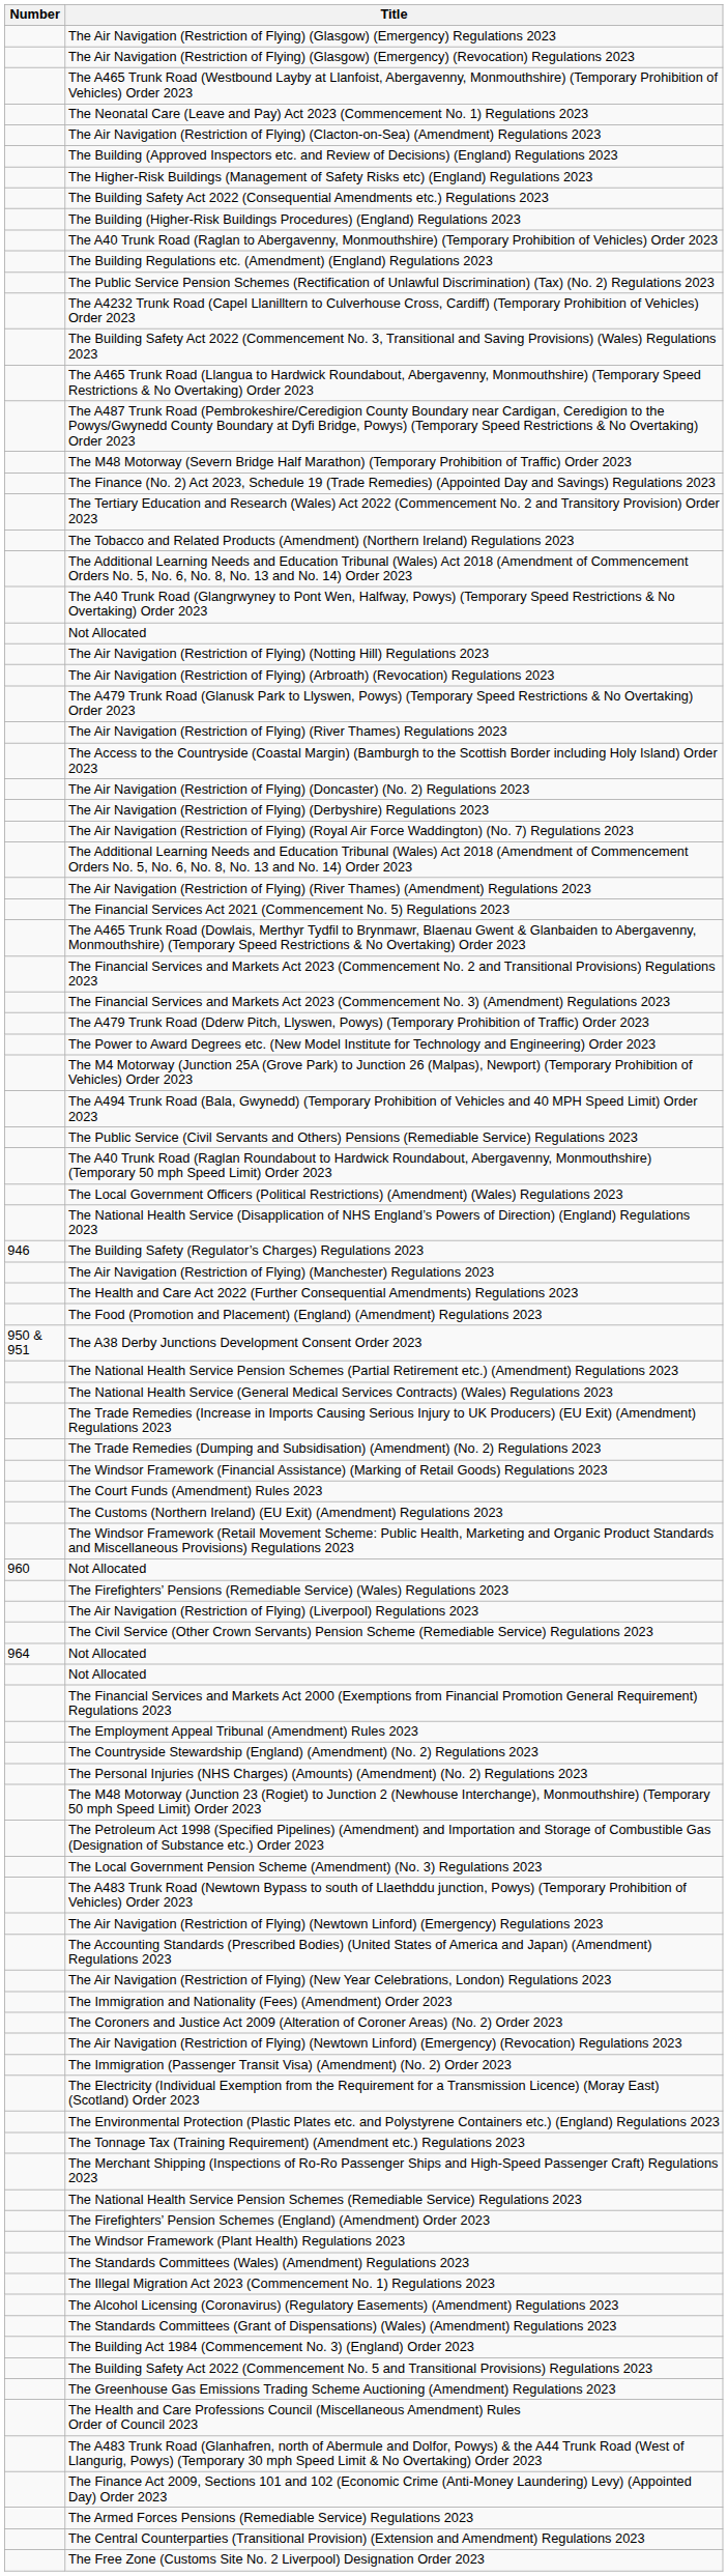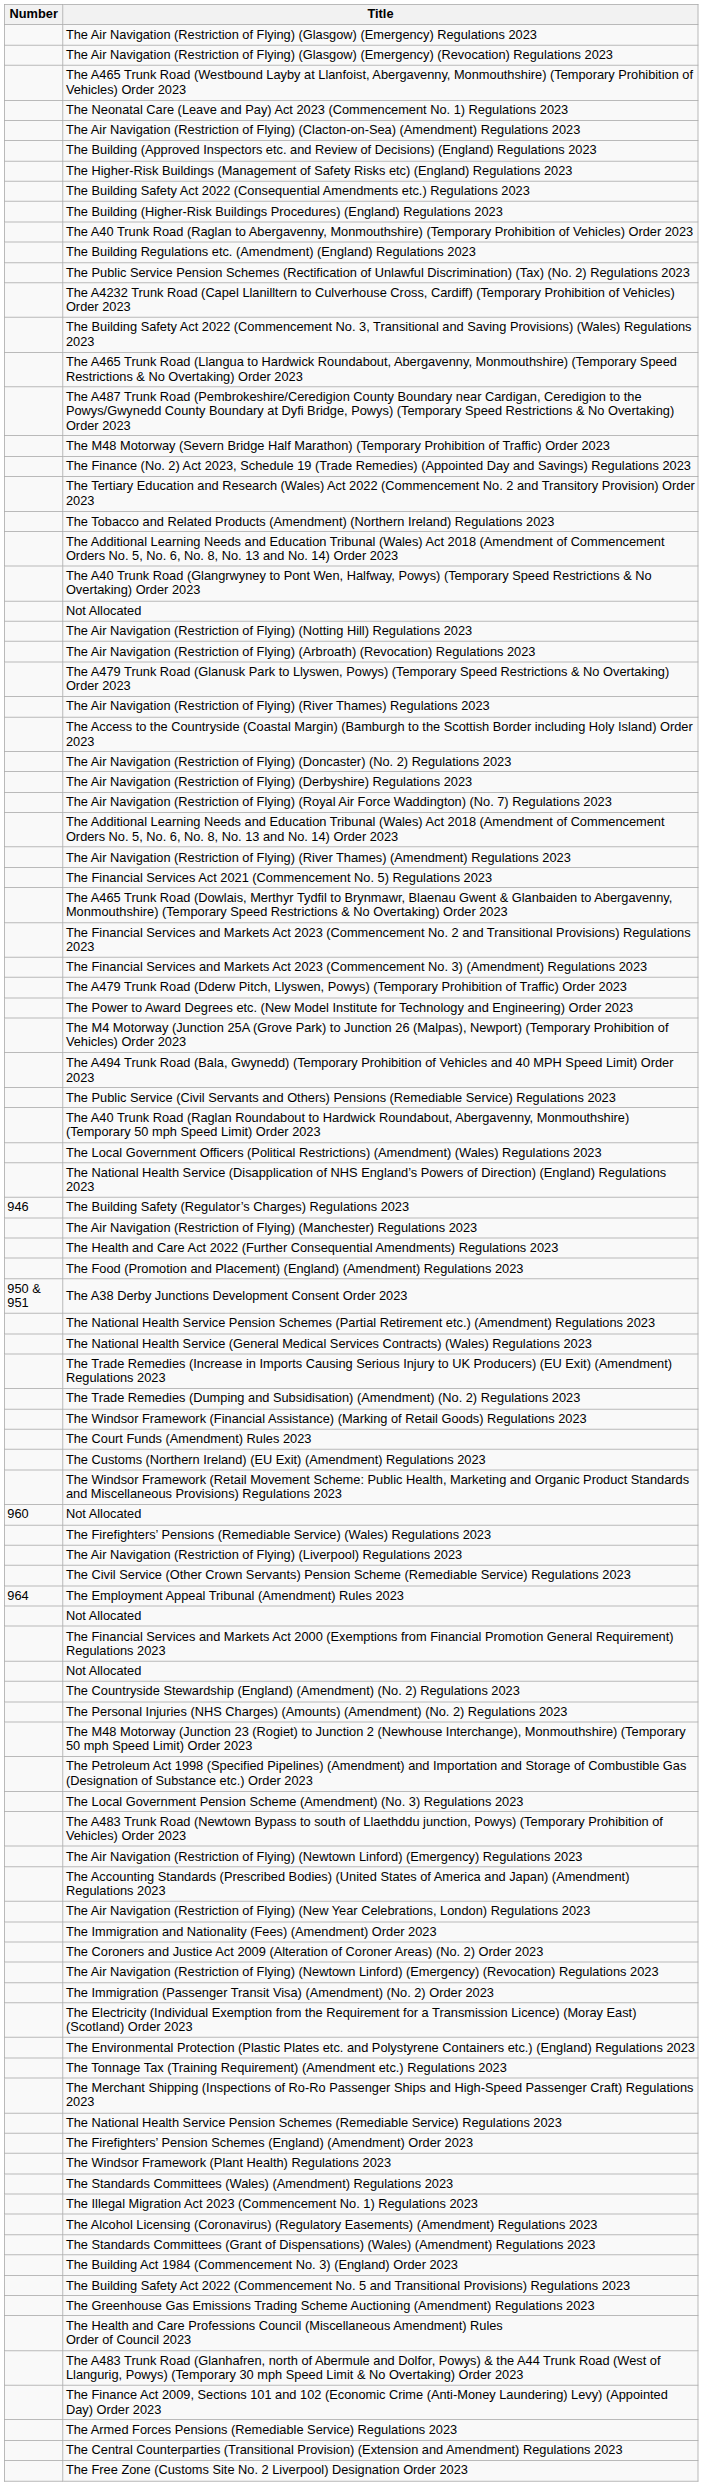 <table class="wikitable collapsible">
 <tr>
 <th>Number</th>
 <th>Title</th>
 </tr>
 <tr>
 <td></td>
 <td>The Air Navigation (Restriction of Flying) (Glasgow) (Emergency) Regulations 2023</td>
 </tr>
 <tr>
 <td></td>
 <td>The Air Navigation (Restriction of Flying) (Glasgow) (Emergency) (Revocation) Regulations 2023</td>
 </tr>
 <tr>
 <td></td>
 <td>The A465 Trunk Road (Westbound Layby at Llanfoist, Abergavenny, Monmouthshire) (Temporary Prohibition of Vehicles) Order 2023</td>
 </tr>
 <tr>
 <td></td>
 <td>The Neonatal Care (Leave and Pay) Act 2023 (Commencement No. 1) Regulations 2023</td>
 </tr>
 <tr>
 <td></td>
 <td>The Air Navigation (Restriction of Flying) (Clacton-on-Sea) (Amendment) Regulations 2023</td>
 </tr>
 <tr>
 <td></td>
 <td>The Building (Approved Inspectors etc. and Review of Decisions) (England) Regulations 2023</td>
 </tr>
 <tr>
 <td></td>
 <td>The Higher-Risk Buildings (Management of Safety Risks etc) (England) Regulations 2023</td>
 </tr>
 <tr>
 <td></td>
 <td>The Building Safety Act 2022 (Consequential Amendments etc.) Regulations 2023</td>
 </tr>
 <tr>
 <td></td>
 <td>The Building (Higher-Risk Buildings Procedures) (England) Regulations 2023</td>
 </tr>
 <tr>
 <td></td>
 <td>The A40 Trunk Road (Raglan to Abergavenny, Monmouthshire) (Temporary Prohibition of Vehicles) Order 2023</td>
 </tr>
 <tr>
 <td></td>
 <td>The Building Regulations etc. (Amendment) (England) Regulations 2023</td>
 </tr>
 <tr>
 <td></td>
 <td>The Public Service Pension Schemes (Rectification of Unlawful Discrimination) (Tax) (No. 2) Regulations 2023</td>
 </tr>
 <tr>
 <td></td>
 <td>The A4232 Trunk Road (Capel Llanilltern to Culverhouse Cross, Cardiff) (Temporary Prohibition of Vehicles) Order 2023</td>
 </tr>
 <tr>
 <td></td>
 <td>The Building Safety Act 2022 (Commencement No. 3, Transitional and Saving Provisions) (Wales) Regulations 2023</td>
 </tr>
 <tr>
 <td></td>
 <td>The A465 Trunk Road (Llangua to Hardwick Roundabout, Abergavenny, Monmouthshire) (Temporary Speed Restrictions & No Overtaking) Order 2023</td>
 </tr>
 <tr>
 <td></td>
 <td>The A487 Trunk Road (Pembrokeshire/Ceredigion County Boundary near Cardigan, Ceredigion to the Powys/Gwynedd County Boundary at Dyfi Bridge, Powys) (Temporary Speed Restrictions & No Overtaking) Order 2023</td>
 </tr>
 <tr>
 <td></td>
 <td>The M48 Motorway (Severn Bridge Half Marathon) (Temporary Prohibition of Traffic) Order 2023</td>
 </tr>
 <tr>
 <td></td>
 <td>The Finance (No. 2) Act 2023, Schedule 19 (Trade Remedies) (Appointed Day and Savings) Regulations 2023</td>
 </tr>
 <tr>
 <td></td>
 <td>The Tertiary Education and Research (Wales) Act 2022 (Commencement No. 2 and Transitory Provision) Order 2023</td>
 </tr>
 <tr>
 <td></td>
 <td>The Tobacco and Related Products (Amendment) (Northern Ireland) Regulations 2023</td>
 </tr>
 <tr>
 <td></td>
 <td>The Additional Learning Needs and Education Tribunal (Wales) Act 2018 (Amendment of Commencement Orders No. 5, No. 6, No. 8, No. 13 and No. 14) Order 2023</td>
 </tr>
 <tr>
 <td></td>
 <td>The A40 Trunk Road (Glangrwyney to Pont Wen, Halfway, Powys) (Temporary Speed Restrictions & No Overtaking) Order 2023</td>
 </tr>
 <tr>
 <td></td>
 <td>Not Allocated</td>
 </tr>
 <tr>
 <td></td>
 <td>The Air Navigation (Restriction of Flying) (Notting Hill) Regulations 2023</td>
 </tr>
 <tr>
 <td></td>
 <td>The Air Navigation (Restriction of Flying) (Arbroath) (Revocation) Regulations 2023</td>
 </tr>
 <tr>
 <td></td>
 <td>The A479 Trunk Road (Glanusk Park to Llyswen, Powys) (Temporary Speed Restrictions & No Overtaking) Order 2023</td>
 </tr>
 <tr>
 <td></td>
 <td>The Air Navigation (Restriction of Flying) (River Thames) Regulations 2023</td>
 </tr>
 <tr>
 <td></td>
 <td>The Access to the Countryside (Coastal Margin) (Bamburgh to the Scottish Border including Holy Island) Order 2023</td>
 </tr>
 <tr>
 <td></td>
 <td>The Air Navigation (Restriction of Flying) (Doncaster) (No. 2) Regulations 2023</td>
 </tr>
 <tr>
 <td></td>
 <td>The Air Navigation (Restriction of Flying) (Derbyshire) Regulations 2023</td>
 </tr>
 <tr>
 <td></td>
 <td>The Air Navigation (Restriction of Flying) (Royal Air Force Waddington) (No. 7) Regulations 2023</td>
 </tr>
 <tr>
 <td></td>
 <td>The Additional Learning Needs and Education Tribunal (Wales) Act 2018 (Amendment of Commencement Orders No. 5, No. 6, No. 8, No. 13 and No. 14) Order 2023</td>
 </tr>
 <tr>
 <td></td>
 <td>The Air Navigation (Restriction of Flying) (River Thames) (Amendment) Regulations 2023</td>
 </tr>
 <tr>
 <td></td>
 <td>The Financial Services Act 2021 (Commencement No. 5) Regulations 2023</td>
 </tr>
 <tr>
 <td></td>
 <td>The A465 Trunk Road (Dowlais, Merthyr Tydfil to Brynmawr, Blaenau Gwent & Glanbaiden to Abergavenny, Monmouthshire) (Temporary Speed Restrictions & No Overtaking) Order 2023</td>
 </tr>
 <tr>
 <td></td>
 <td>The Financial Services and Markets Act 2023 (Commencement No. 2 and Transitional Provisions) Regulations 2023</td>
 </tr>
 <tr>
 <td></td>
 <td>The Financial Services and Markets Act 2023 (Commencement No. 3) (Amendment) Regulations 2023</td>
 </tr>
 <tr>
 <td></td>
 <td>The A479 Trunk Road (Dderw Pitch, Llyswen, Powys) (Temporary Prohibition of Traffic) Order 2023</td>
 </tr>
 <tr>
 <td></td>
 <td>The Power to Award Degrees etc. (New Model Institute for Technology and Engineering) Order 2023</td>
 </tr>
 <tr>
 <td></td>
 <td>The M4 Motorway (Junction 25A (Grove Park) to Junction 26 (Malpas), Newport) (Temporary Prohibition of Vehicles) Order 2023</td>
 </tr>
 <tr>
 <td></td>
 <td>The A494 Trunk Road (Bala, Gwynedd) (Temporary Prohibition of Vehicles and 40 MPH Speed Limit) Order 2023</td>
 </tr>
 <tr>
 <td></td>
 <td>The Public Service (Civil Servants and Others) Pensions (Remediable Service) Regulations 2023</td>
 </tr>
 <tr>
 <td></td>
 <td>The A40 Trunk Road (Raglan Roundabout to Hardwick Roundabout, Abergavenny, Monmouthshire) (Temporary 50 mph Speed Limit) Order 2023</td>
 </tr>
 <tr>
 <td></td>
 <td>The Local Government Officers (Political Restrictions) (Amendment) (Wales) Regulations 2023</td>
 </tr>
 <tr>
 <td></td>
 <td>The National Health Service (Disapplication of NHS England’s Powers of Direction) (England) Regulations 2023</td>
 </tr>
 <tr>
 <td>946</td>
 <td>The Building Safety (Regulator’s Charges) Regulations 2023</td>
 </tr>
 <tr>
 <td></td>
 <td>The Air Navigation (Restriction of Flying) (Manchester) Regulations 2023</td>
 </tr>
 <tr>
 <td></td>
 <td>The Health and Care Act 2022 (Further Consequential Amendments) Regulations 2023</td>
 </tr>
 <tr>
 <td></td>
 <td>The Food (Promotion and Placement) (England) (Amendment) Regulations 2023</td>
 </tr>
 <tr>
 <td>950 & 951</td>
 <td>The A38 Derby Junctions Development Consent Order 2023</td>
 </tr>
 <tr>
 <td></td>
 <td>The National Health Service Pension Schemes (Partial Retirement etc.) (Amendment) Regulations 2023</td>
 </tr>
 <tr>
 <td></td>
 <td>The National Health Service (General Medical Services Contracts) (Wales) Regulations 2023</td>
 </tr>
 <tr>
 <td></td>
 <td>The Trade Remedies (Increase in Imports Causing Serious Injury to UK Producers) (EU Exit) (Amendment) Regulations 2023</td>
 </tr>
 <tr>
 <td></td>
 <td>The Trade Remedies (Dumping and Subsidisation) (Amendment) (No. 2) Regulations 2023</td>
 </tr>
 <tr>
 <td></td>
 <td>The Windsor Framework (Financial Assistance) (Marking of Retail Goods) Regulations 2023</td>
 </tr>
 <tr>
 <td></td>
 <td>The Court Funds (Amendment) Rules 2023</td>
 </tr>
 <tr>
 <td></td>
 <td>The Customs (Northern Ireland) (EU Exit) (Amendment) Regulations 2023</td>
 </tr>
 <tr>
 <td></td>
 <td>The Windsor Framework (Retail Movement Scheme: Public Health, Marketing and Organic Product Standards and Miscellaneous Provisions) Regulations 2023</td>
 </tr>
 <tr>
 <td>960</td>
 <td>Not Allocated</td>
 </tr>
 <tr>
 <td></td>
 <td>The Firefighters’ Pensions (Remediable Service) (Wales) Regulations 2023</td>
 </tr>
 <tr>
 <td></td>
 <td>The Air Navigation (Restriction of Flying) (Liverpool) Regulations 2023</td>
 </tr>
 <tr>
 <td></td>
 <td>The Civil Service (Other Crown Servants) Pension Scheme (Remediable Service) Regulations 2023</td>
 </tr>
 <tr>
 <td>964</td>
-<td>Not Allocated</td>
+<td>The Employment Appeal Tribunal (Amendment) Rules 2023</td>
 </tr>
 <tr>
 <td></td>
 <td>Not Allocated</td>
 </tr>
 <tr>
 <td></td>
 <td>The Financial Services and Markets Act 2000 (Exemptions from Financial Promotion General Requirement) Regulations 2023</td>
 </tr>
 <tr>
 <td></td>
-<td>The Employment Appeal Tribunal (Amendment) Rules 2023</td>
+<td>Not Allocated</td>
 </tr>
 <tr>
 <td></td>
 <td>The Countryside Stewardship (England) (Amendment) (No. 2) Regulations 2023</td>
 </tr>
 <tr>
 <td></td>
 <td>The Personal Injuries (NHS Charges) (Amounts) (Amendment) (No. 2) Regulations 2023</td>
 </tr>
 <tr>
 <td></td>
 <td>The M48 Motorway (Junction 23 (Rogiet) to Junction 2 (Newhouse Interchange), Monmouthshire) (Temporary 50 mph Speed Limit) Order 2023</td>
 </tr>
 <tr>
 <td></td>
 <td>The Petroleum Act 1998 (Specified Pipelines) (Amendment) and Importation and Storage of Combustible Gas (Designation of Substance etc.) Order 2023</td>
 </tr>
 <tr>
 <td></td>
 <td>The Local Government Pension Scheme (Amendment) (No. 3) Regulations 2023</td>
 </tr>
 <tr>
 <td></td>
 <td>The A483 Trunk Road (Newtown Bypass to south of Llaethddu junction, Powys) (Temporary Prohibition of Vehicles) Order 2023</td>
 </tr>
 <tr>
 <td></td>
 <td>The Air Navigation (Restriction of Flying) (Newtown Linford) (Emergency) Regulations 2023</td>
 </tr>
 <tr>
 <td></td>
 <td>The Accounting Standards (Prescribed Bodies) (United States of America and Japan) (Amendment) Regulations 2023</td>
 </tr>
 <tr>
 <td></td>
 <td>The Air Navigation (Restriction of Flying) (New Year Celebrations, London) Regulations 2023</td>
 </tr>
 <tr>
 <td></td>
 <td>The Immigration and Nationality (Fees) (Amendment) Order 2023</td>
 </tr>
 <tr>
 <td></td>
 <td>The Coroners and Justice Act 2009 (Alteration of Coroner Areas) (No. 2) Order 2023</td>
 </tr>
 <tr>
 <td></td>
 <td>The Air Navigation (Restriction of Flying) (Newtown Linford) (Emergency) (Revocation) Regulations 2023</td>
 </tr>
 <tr>
 <td></td>
 <td>The Immigration (Passenger Transit Visa) (Amendment) (No. 2) Order 2023</td>
 </tr>
 <tr>
 <td></td>
 <td>The Electricity (Individual Exemption from the Requirement for a Transmission Licence) (Moray East) (Scotland) Order 2023</td>
 </tr>
 <tr>
 <td></td>
 <td>The Environmental Protection (Plastic Plates etc. and Polystyrene Containers etc.) (England) Regulations 2023</td>
 </tr>
 <tr>
 <td></td>
 <td>The Tonnage Tax (Training Requirement) (Amendment etc.) Regulations 2023</td>
 </tr>
 <tr>
 <td></td>
 <td>The Merchant Shipping (Inspections of Ro-Ro Passenger Ships and High-Speed Passenger Craft) Regulations 2023</td>
 </tr>
 <tr>
 <td></td>
 <td>The National Health Service Pension Schemes (Remediable Service) Regulations 2023</td>
 </tr>
 <tr>
 <td></td>
 <td>The Firefighters’ Pension Schemes (England) (Amendment) Order 2023</td>
 </tr>
 <tr>
 <td></td>
 <td>The Windsor Framework (Plant Health) Regulations 2023</td>
 </tr>
 <tr>
 <td></td>
 <td>The Standards Committees (Wales) (Amendment) Regulations 2023</td>
 </tr>
 <tr>
 <td></td>
 <td>The Illegal Migration Act 2023 (Commencement No. 1) Regulations 2023</td>
 </tr>
 <tr>
 <td></td>
 <td>The Alcohol Licensing (Coronavirus) (Regulatory Easements) (Amendment) Regulations 2023</td>
 </tr>
 <tr>
 <td></td>
 <td>The Standards Committees (Grant of Dispensations) (Wales) (Amendment) Regulations 2023</td>
 </tr>
 <tr>
 <td></td>
 <td>The Building Act 1984 (Commencement No. 3) (England) Order 2023</td>
 </tr>
 <tr>
 <td></td>
 <td>The Building Safety Act 2022 (Commencement No. 5 and Transitional Provisions) Regulations 2023</td>
 </tr>
 <tr>
 <td></td>
 <td>The Greenhouse Gas Emissions Trading Scheme Auctioning (Amendment) Regulations 2023</td>
 </tr>
 <tr>
 <td></td>
 <td>The Health and Care Professions Council (Miscellaneous Amendment) Rules<br>Order of Council 2023</td>
 </tr>
 <tr>
 <td></td>
 <td>The A483 Trunk Road (Glanhafren, north of Abermule and Dolfor, Powys) & the A44 Trunk Road (West of Llangurig, Powys) (Temporary 30 mph Speed Limit & No Overtaking) Order 2023</td>
 </tr>
 <tr>
 <td></td>
 <td>The Finance Act 2009, Sections 101 and 102 (Economic Crime (Anti-Money Laundering) Levy) (Appointed Day) Order 2023</td>
 </tr>
 <tr>
 <td></td>
 <td>The Armed Forces Pensions (Remediable Service) Regulations 2023</td>
 </tr>
 <tr>
 <td></td>
 <td>The Central Counterparties (Transitional Provision) (Extension and Amendment) Regulations 2023</td>
 </tr>
 <tr>
 <td></td>
 <td>The Free Zone (Customs Site No. 2 Liverpool) Designation Order 2023</td>
 </tr>
 </table>
